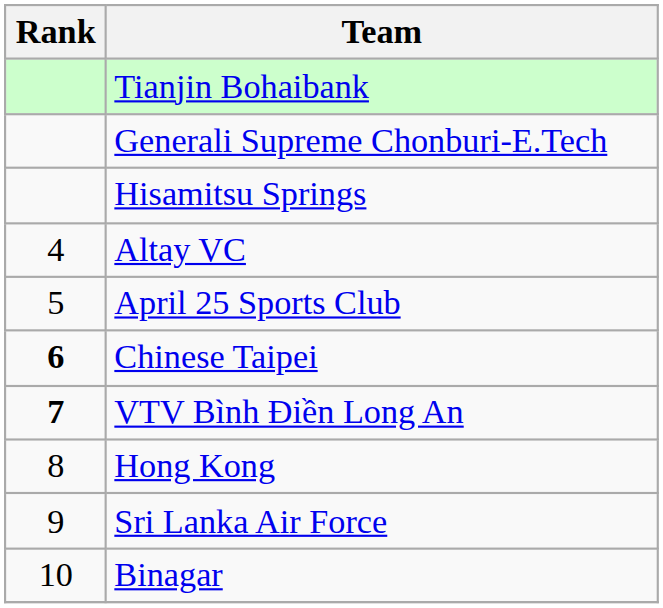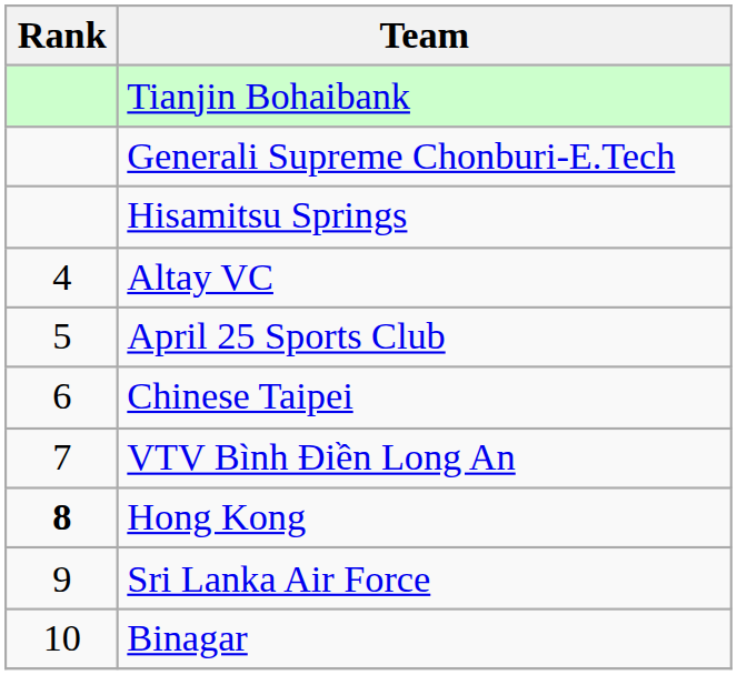 <table class="wikitable" style="text-align: center;">
 <tr>
 <th width=40>Rank</th>
 <th width=250>Team</th>
 </tr>
 <tr bgcolor=#ccffcc>
 <td></td>
 <td align="left"> <a href='#'>Tianjin Bohaibank</a></td>
 </tr>
 <tr>
 <td></td>
 <td align="left"> <a href='#'>Generali Supreme Chonburi-E.Tech</a></td>
 </tr>
 <tr>
 <td></td>
 <td align="left"> <a href='#'>Hisamitsu Springs</a></td>
 </tr>
 <tr>
 <td>4</td>
 <td align="left"> <a href='#'>Altay VC</a></td>
 </tr>
 <tr>
 <td>5</td>
 <td align="left"> <a href='#'>April 25 Sports Club</a></td>
 </tr>
 <tr>
-<td><strong>6</strong></td>
+<td>6</td>
 <td align="left"> <a href='#'>Chinese Taipei</a></td>
 </tr>
 <tr>
-<td><strong>7</strong></td>
+<td>7</td>
 <td align="left"> <a href='#'>VTV Bình Điền Long An</a></td>
 </tr>
 <tr>
-<td>8</td>
+<td><strong>8</strong></td>
 <td align="left"> <a href='#'>Hong Kong</a></td>
 </tr>
 <tr>
 <td>9</td>
 <td align="left"> <a href='#'>Sri Lanka Air Force</a></td>
 </tr>
 <tr>
 <td>10</td>
 <td align="left"> <a href='#'>Binagar</a></td>
 </tr>
 <tr>
 </tr>
 </table>
